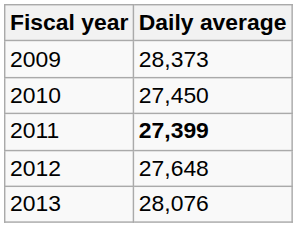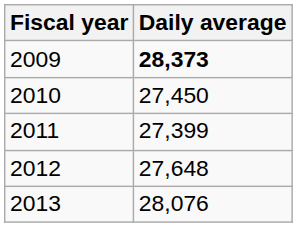 <table class="wikitable">
 <tr>
 <th>Fiscal year</th>
 <th>Daily average</th>
 </tr>
 <tr>
 <td>2009</td>
-<td>28,373</td>
+<td><strong>28,373</strong></td>
 </tr>
 <tr>
 <td>2010</td>
 <td>27,450</td>
 </tr>
 <tr>
 <td>2011</td>
-<td><strong>27,399</strong></td>
+<td>27,399</td>
 </tr>
 <tr>
 <td>2012</td>
 <td>27,648</td>
 </tr>
 <tr>
 <td>2013</td>
 <td>28,076</td>
 </tr>
 </table>
